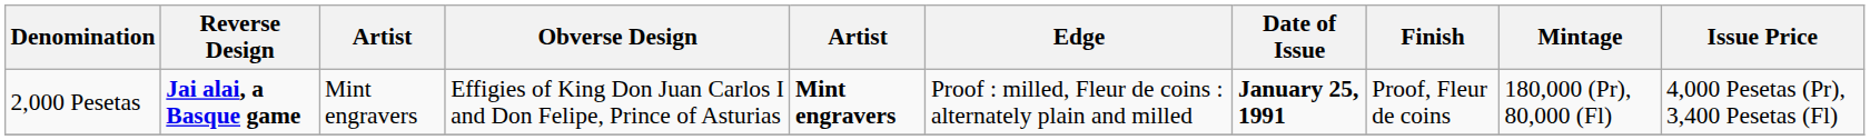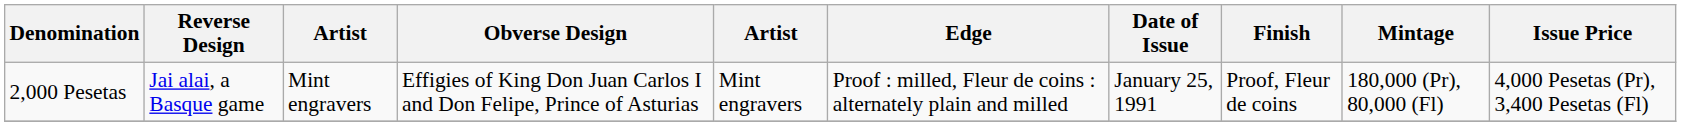 <table class="wikitable sortable">
 <tr>
 <th>Denomination</th>
 <th>Reverse Design</th>
 <th>Artist</th>
 <th>Obverse Design</th>
 <th>Artist</th>
 <th>Edge</th>
 <th>Date of Issue</th>
 <th>Finish</th>
 <th>Mintage</th>
 <th>Issue Price</th>
 </tr>
 <tr>
 <td>2,000 Pesetas</td>
-<td><strong><a href='#'>Jai alai</a>, a <a href='#'>Basque</a> game</strong></td>
+<td><a href='#'>Jai alai</a>, a <a href='#'>Basque</a> game</td>
 <td>Mint engravers</td>
 <td>Effigies of King Don Juan Carlos I and Don Felipe, Prince of Asturias</td>
-<td><strong>Mint engravers</strong></td>
+<td>Mint engravers</td>
 <td>Proof : milled, Fleur de coins : alternately plain and milled</td>
-<td><strong>January 25, 1991</strong></td>
+<td>January 25, 1991</td>
 <td>Proof, Fleur de coins</td>
 <td>180,000 (Pr), 80,000 (Fl)</td>
 <td>4,000 Pesetas (Pr), 3,400 Pesetas (Fl) </td>
 </tr>
 <tr>
 </tr>
 </table>
